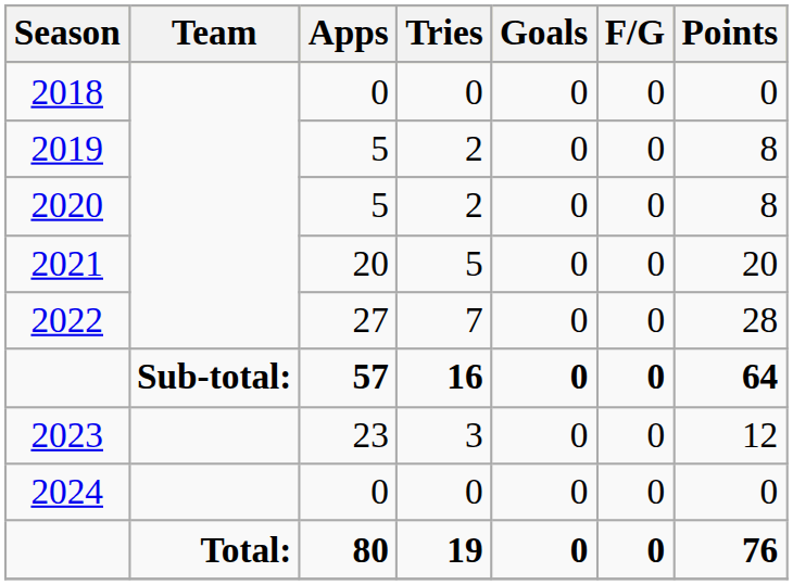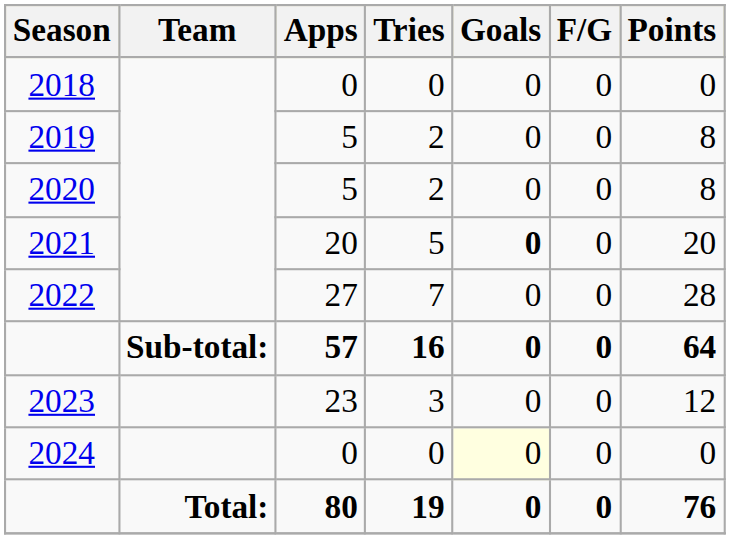 <table class="wikitable" style="text-align:center;">
 <tr bgcolor=#bdb76b>
 <th>Season</th>
 <th>Team</th>
 <th>Apps</th>
 <th>Tries</th>
 <th>Goals</th>
 <th>F/G</th>
 <th>Points</th>
 </tr>
 <tr>
 <td align=center><a href='#'>2018</a></td>
 <td align=left rowspan="5"></td>
 <td align=right>0</td>
 <td align=right>0</td>
 <td align=right>0</td>
 <td align=right>0</td>
 <td align=right>0</td>
 </tr>
 <tr>
 <td align=center><a href='#'>2019</a></td>
 <td align=right>5</td>
 <td align=right>2</td>
 <td align=right>0</td>
 <td align=right>0</td>
 <td align=right>8</td>
 </tr>
 <tr>
 <td align=center><a href='#'>2020</a></td>
 <td align=right>5</td>
 <td align=right>2</td>
 <td align=right>0</td>
 <td align=right>0</td>
 <td align=right>8</td>
 </tr>
 <tr>
 <td align=center><a href='#'>2021</a></td>
 <td align=right>20</td>
 <td align=right>5</td>
-<td align=right>0</td>
+<td align=right><strong>0</strong></td>
 <td align=right>0</td>
 <td align=right>20</td>
 </tr>
 <tr>
 <td align=center><a href='#'>2022</a></td>
 <td align=right>27</td>
 <td align=right>7</td>
 <td align=right>0</td>
 <td align=right>0</td>
 <td align=right>28</td>
 </tr>
 <tr>
 <td></td>
 <td align=right><strong>Sub-total:</strong></td>
 <td align=right><strong>57</strong></td>
 <td align=right><strong>16</strong></td>
 <td align=right><strong>0</strong></td>
 <td align=right><strong>0</strong></td>
 <td align=right><strong>64</strong></td>
 </tr>
 <tr>
 <td align=center><a href='#'>2023</a></td>
 <td align=left rowspan "1"></td>
 <td align=right>23</td>
 <td align=right>3</td>
 <td align=right>0</td>
 <td align=right>0</td>
 <td align=right>12</td>
 </tr>
 <tr>
 <td align=center><a href='#'>2024</a></td>
 <td align=left rowspan "1"></td>
 <td align=right>0</td>
 <td align=right>0</td>
-<td align=right>0</td>
+<td align=right style="background: lightyellow;">0</td>
 <td align=right>0</td>
 <td align=right>0</td>
 </tr>
 <tr>
 <td></td>
 <td align=right><strong>Total:</strong></td>
 <td align=right><strong>80</strong></td>
 <td align=right><strong>19</strong></td>
 <td align=right><strong>0</strong></td>
 <td align=right><strong>0</strong></td>
 <td align=right><strong>76</strong></td>
 </tr>
 <tr>
 </tr>
 </table>
